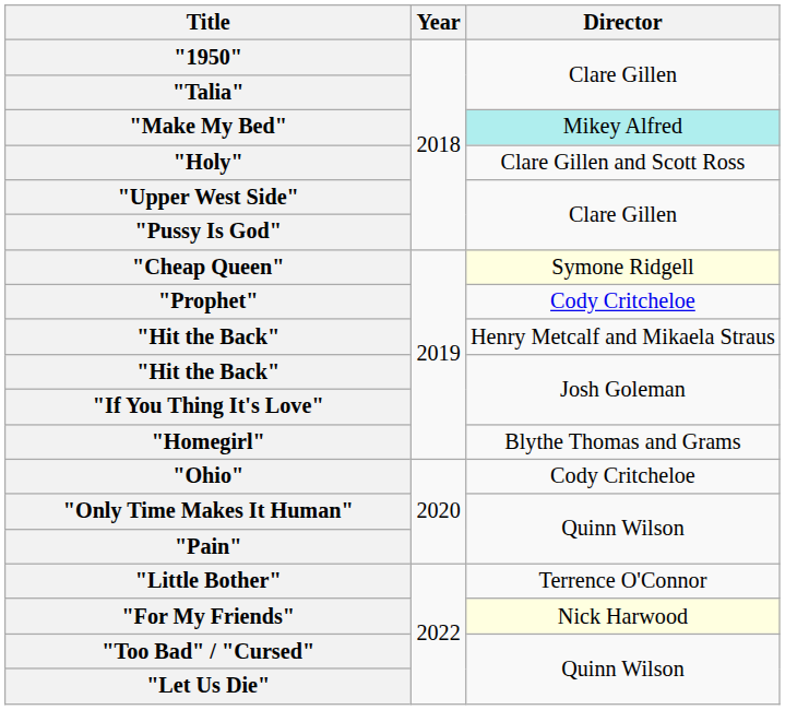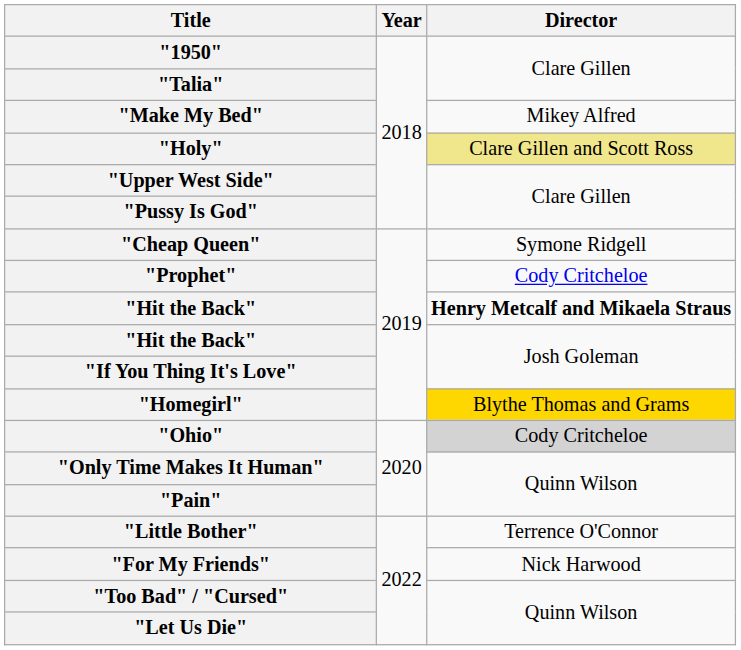 <table class="wikitable plainrowheaders" style="text-align:center;">
 <tr>
 <th scope="col" rowspan="1" style="width:18em;">Title</th>
 <th scope="col" rowspan="1">Year</th>
 <th scope="col" rowspan="1">Director</th>
 </tr>
 <tr>
 <th scope="row">"1950"</th>
 <td rowspan="6">2018</td>
 <td rowspan="2">Clare Gillen</td>
 </tr>
 <tr>
 <th scope="row">"Talia"</th>
 </tr>
 <tr>
 <th scope="row">"Make My Bed"</th>
-<td style="background: paleturquoise;">Mikey Alfred</td>
+<td>Mikey Alfred</td>
 </tr>
 <tr>
 <th scope="row">"Holy"</th>
-<td>Clare Gillen and Scott Ross</td>
+<td style="background: khaki;">Clare Gillen and Scott Ross</td>
 </tr>
 <tr>
 <th scope="row">"Upper West Side"</th>
 <td rowspan="2">Clare Gillen</td>
 </tr>
 <tr>
 <th scope="row">"Pussy Is God"</th>
 </tr>
 <tr>
 <th scope="row">"Cheap Queen"</th>
 <td rowspan="6">2019</td>
-<td style="background: lightyellow;">Symone Ridgell</td>
+<td>Symone Ridgell</td>
 </tr>
 <tr>
 <th scope="row">"Prophet"</th>
 <td><a href='#'>Cody Critcheloe</a></td>
 </tr>
 <tr>
 <th scope="row">"Hit the Back" </th>
-<td>Henry Metcalf and Mikaela Straus</td>
+<td><strong>Henry Metcalf and Mikaela Straus</strong></td>
 </tr>
 <tr>
 <th scope="row">"Hit the Back" </th>
 <td rowspan="2">Josh Goleman</td>
 </tr>
 <tr>
 <th scope="row">"If You Thing It's Love" </th>
 </tr>
 <tr>
 <th scope="row">"Homegirl" </th>
-<td>Blythe Thomas and Grams</td>
+<td style="background: gold;">Blythe Thomas and Grams</td>
 </tr>
 <tr>
 <th scope="row">"Ohio"</th>
 <td rowspan="3">2020</td>
-<td>Cody Critcheloe</td>
+<td style="background: lightgrey;">Cody Critcheloe</td>
 </tr>
 <tr>
 <th scope="row">"Only Time Makes It Human"</th>
 <td rowspan="2">Quinn Wilson</td>
 </tr>
 <tr>
 <th scope="row">"Pain"</th>
 </tr>
 <tr>
 <th scope="row">"Little Bother" </th>
 <td rowspan="4">2022</td>
 <td>Terrence O'Connor</td>
 </tr>
 <tr>
 <th scope="row">"For My Friends"</th>
-<td style="background: lightyellow;">Nick Harwood</td>
+<td>Nick Harwood</td>
 </tr>
 <tr>
 <th scope="row">"Too Bad" / "Cursed"</th>
 <td rowspan="2">Quinn Wilson</td>
 </tr>
 <tr>
 <th scope="row">"Let Us Die"</th>
 </tr>
 </table>
